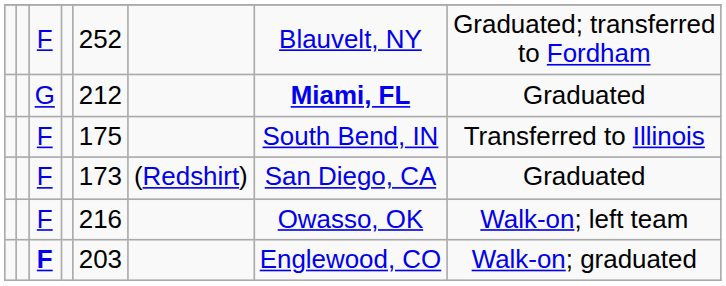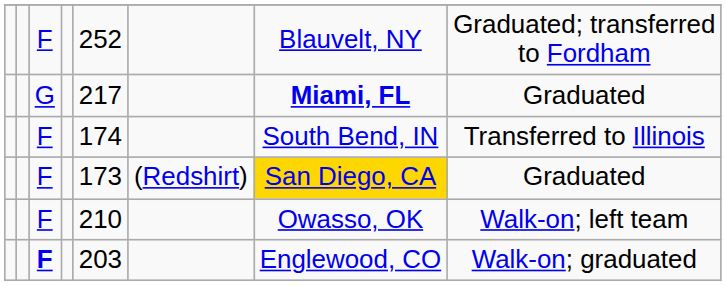 <table class="wikitable sortable" border="1" style="text-align:center;">
 <tr align=center>
 </tr>
 <tr>
 <td></td>
 <td></td>
 <td><a href='#'>F</a></td>
 <td></td>
 <td>252</td>
 <td></td>
 <td><a href='#'>Blauvelt, NY</a></td>
 <td>Graduated; transferred<br>to <a href='#'>Fordham</a></td>
 </tr>
 <tr>
 <td></td>
 <td></td>
 <td><a href='#'>G</a></td>
 <td></td>
-<td>212</td>
+<td>217</td>
 <td></td>
 <td><strong><a href='#'>Miami, FL</a></strong></td>
 <td>Graduated</td>
 </tr>
 <tr>
 <td></td>
 <td></td>
 <td><a href='#'>F</a></td>
 <td></td>
-<td>175</td>
+<td>174</td>
 <td></td>
 <td><a href='#'>South Bend, IN</a></td>
 <td>Transferred to <a href='#'>Illinois</a></td>
 </tr>
 <tr>
 <td></td>
 <td></td>
 <td><a href='#'>F</a></td>
 <td></td>
 <td>173</td>
 <td> (<a href='#'>Redshirt</a>)</td>
-<td><a href='#'>San Diego, CA</a></td>
+<td style="background: gold;"><a href='#'>San Diego, CA</a></td>
 <td>Graduated</td>
 </tr>
 <tr>
 <td></td>
 <td></td>
 <td><a href='#'>F</a></td>
 <td></td>
-<td>216</td>
+<td>210</td>
 <td></td>
 <td><a href='#'>Owasso, OK</a></td>
 <td><a href='#'>Walk-on</a>; left team</td>
 </tr>
 <tr>
 <td></td>
 <td></td>
 <td><strong><a href='#'>F</a></strong></td>
 <td></td>
 <td>203</td>
 <td></td>
 <td><a href='#'>Englewood, CO</a></td>
 <td><a href='#'>Walk-on</a>; graduated</td>
 </tr>
 </table>
